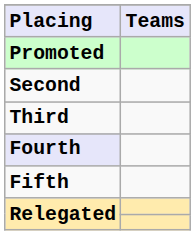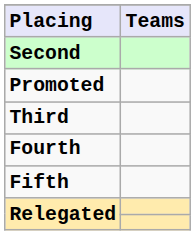 <table class=wikitable>
 <tr>
 </tr>
 <tr style="background: #E6E6FA;">
 <td><strong>Placing</strong></td>
 <td><strong>Teams</strong></td>
 </tr>
 <tr style="background: #ccffcc;">
-<td><strong>Promoted</strong></td>
+<td><strong>Second</strong></td>
 <td><strong></strong></td>
 </tr>
 <tr>
-<td><strong>Second</strong></td>
+<td><strong>Promoted</strong></td>
 <td></td>
 </tr>
 <tr>
 <td><strong>Third</strong></td>
 <td></td>
 </tr>
 <tr>
-<td style="background: lavender;"><strong>Fourth</strong></td>
+<td><strong>Fourth</strong></td>
 <td></td>
 </tr>
 <tr>
 <td><strong>Fifth</strong></td>
 <td></td>
 </tr>
 <tr style="background: #ffebad;">
 <td rowspan="2"><strong>Relegated</strong></td>
 <td></td>
 </tr>
 <tr style="background: #ffebad;">
 <td></td>
 </tr>
 </table>
